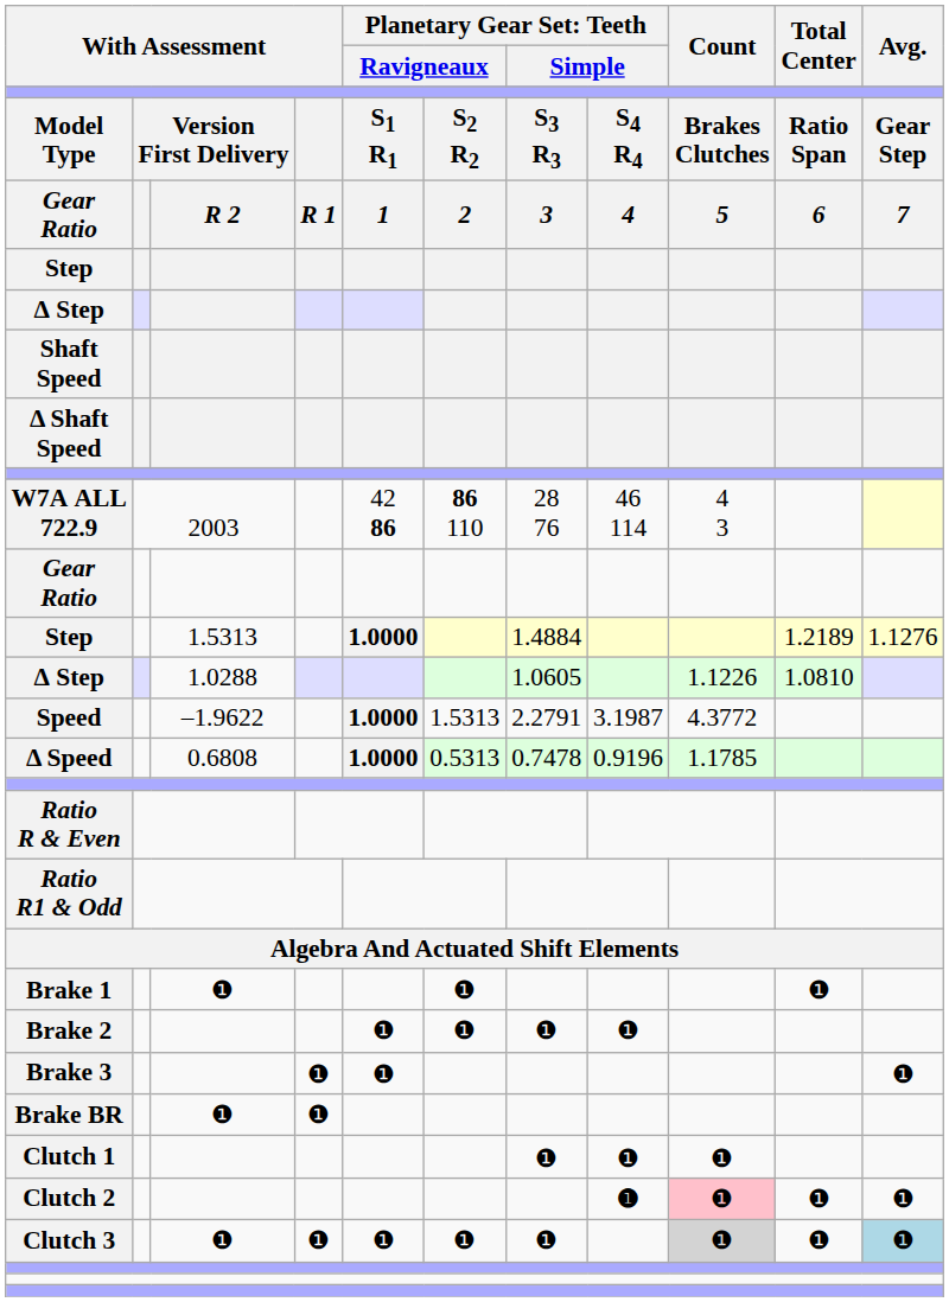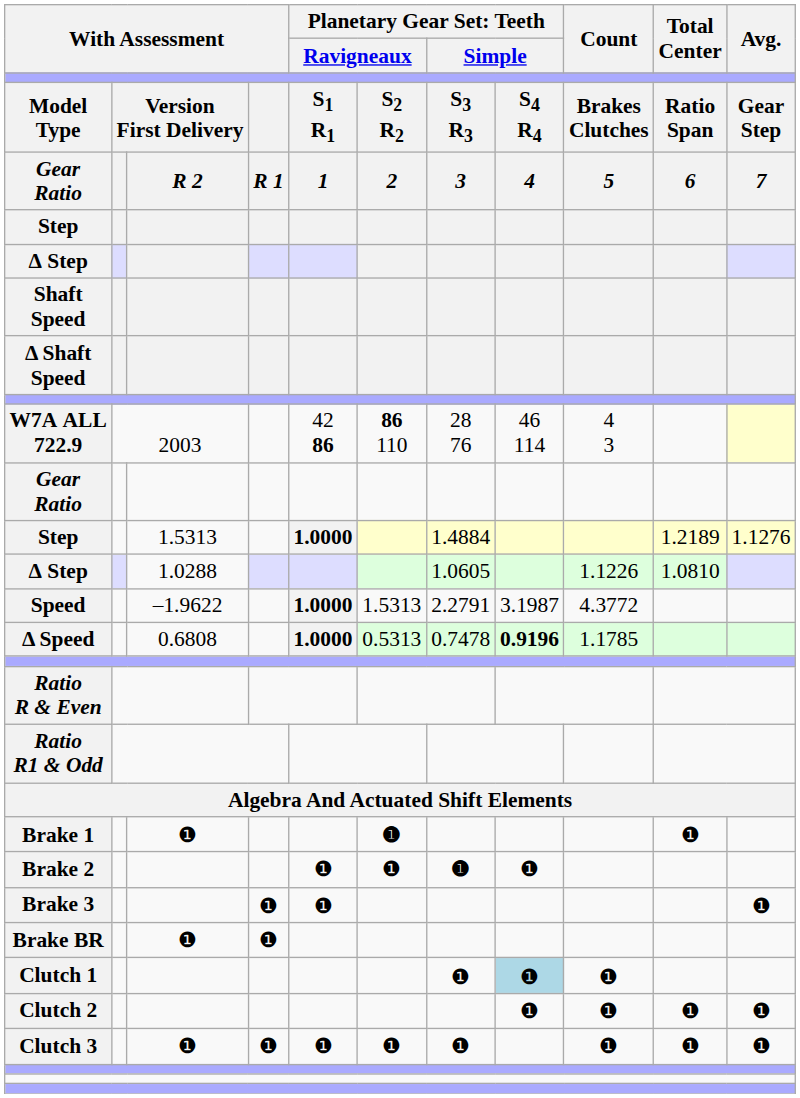 <table class="wikitable collapsible" style="text-align:center">
 <tr>
 <th rowspan=2 colspan=4>With Assessment</th>
 <th colspan=4>Planetary Gear Set: Teeth</th>
 <th rowspan=2>Count</th>
 <th rowspan=2>Total<br>Center</th>
 <th rowspan=2>Avg.</th>
 </tr>
 <tr>
 <th colspan=2><a href='#'>Ravigneaux</a></th>
 <th colspan=2><a href='#'>Simple</a></th>
 </tr>
 <tr>
 <td colspan=11 style="background:#AAF;"></td>
 </tr>
 <tr>
 <th>Model<br>Type</th>
 <th colspan=2>Version<br>First Delivery</th>
 <th></th>
 <th>S<sub>1</sub><br>R<sub>1</sub></th>
 <th>S<sub>2</sub><br>R<sub>2</sub></th>
 <th>S<sub>3</sub><br>R<sub>3</sub></th>
 <th>S<sub>4</sub><br>R<sub>4</sub></th>
 <th>Brakes<br>Clutches</th>
 <th>Ratio<br>Span</th>
 <th>Gear<br>Step</th>
 </tr>
 <tr style="font-style:italic;">
 <th>Gear<br>Ratio</th>
 <th><br></th>
 <th>R 2<br></th>
 <th>R 1<br></th>
 <th>1<br></th>
 <th>2<br></th>
 <th>3<br></th>
 <th>4<br></th>
 <th>5<br></th>
 <th>6<br></th>
 <th>7<br></th>
 </tr>
 <tr>
 <th>Step</th>
 <th></th>
 <th></th>
 <th></th>
 <th></th>
 <th></th>
 <th></th>
 <th></th>
 <th></th>
 <th></th>
 <th></th>
 </tr>
 <tr>
 <th>Δ Step</th>
 <th style="background:#DDF;"></th>
 <th></th>
 <th style="background:#DDF;"></th>
 <th style="background:#DDF;"></th>
 <th></th>
 <th></th>
 <th></th>
 <th></th>
 <th></th>
 <th style="background:#DDF;"></th>
 </tr>
 <tr>
 <th>Shaft<br>Speed</th>
 <th></th>
 <th></th>
 <th></th>
 <th></th>
 <th></th>
 <th></th>
 <th></th>
 <th></th>
 <th></th>
 <th></th>
 </tr>
 <tr>
 <th>Δ Shaft<br>Speed</th>
 <th></th>
 <th></th>
 <th></th>
 <th></th>
 <th></th>
 <th></th>
 <th></th>
 <th></th>
 <th></th>
 <th></th>
 </tr>
 <tr>
 <td colspan=11 style="background:#AAF;"></td>
 </tr>
 <tr>
 <th>W7A ALL<br>722.9</th>
 <td colspan=2><br>2003</td>
 <td></td>
 <td>42<br><strong>86</strong></td>
 <td><strong>86</strong><br>110</td>
 <td>28<br>76</td>
 <td>46<br>114</td>
 <td>4<br>3</td>
 <td><br></td>
 <td style="background:#FFC;"></td>
 </tr>
 <tr style="font-style:italic;">
 <th>Gear<br>Ratio</th>
 <td><br></td>
 <td><br></td>
 <td></td>
 <td><br></td>
 <td><br></td>
 <td><br></td>
 <td></td>
 <td></td>
 <td></td>
 <td></td>
 </tr>
 <tr>
 <th>Step</th>
 <td></td>
 <td>1.5313</td>
 <td></td>
 <th>1.0000</th>
 <td style="background:#FFC;"></td>
 <td style="background:#FFC;">1.4884</td>
 <td style="background:#FFC;"></td>
 <td style="background:#FFC;"></td>
 <td style="background:#FFC;">1.2189</td>
 <td style="background:#FFC;">1.1276</td>
 </tr>
 <tr>
 <th>Δ Step</th>
 <td style="background:#DDF;"></td>
 <td>1.0288</td>
 <td style="background:#DDF;"></td>
 <td style="background:#DDF;"></td>
 <td style="background:#DFD;"></td>
 <td style="background:#DFD;">1.0605</td>
 <td style="background:#DFD;"></td>
 <td style="background:#DFD;">1.1226</td>
 <td style="background:#DFD;">1.0810</td>
 <td style="background:#DDF;"></td>
 </tr>
 <tr>
 <th>Speed</th>
 <td></td>
 <td>–1.9622</td>
 <td></td>
 <th>1.0000</th>
 <td>1.5313</td>
 <td>2.2791</td>
 <td>3.1987</td>
 <td>4.3772</td>
 <td></td>
 <td></td>
 </tr>
 <tr>
 <th>Δ Speed</th>
 <td></td>
 <td>0.6808</td>
 <td></td>
 <th>1.0000</th>
 <td style="background:#DFD;">0.5313</td>
 <td style="background:#DFD;">0.7478</td>
-<td style="background:#DFD;">0.9196</td>
+<td style="background:#DFD;"><strong>0.9196</strong></td>
 <td style="background:#DFD;">1.1785</td>
 <td style="background:#DFD;"></td>
 <td style="background:#DFD;"></td>
 </tr>
 <tr>
 <td colspan=11 style="background:#AAF;"></td>
 </tr>
 <tr>
 <th><em>Ratio</em><br><em>R & Even</em></th>
 <td colspan=2></td>
 <td colspan=2></td>
 <td colspan=2></td>
 <td colspan=2></td>
 <td colspan=2></td>
 </tr>
 <tr>
 <th><em>Ratio</em><br><em>R1 & Odd</em></th>
 <td colspan=3></td>
 <td colspan=2></td>
 <td colspan=2></td>
 <td></td>
 <td colspan=2></td>
 </tr>
 <tr>
 <th colspan=11>Algebra And Actuated Shift Elements</th>
 </tr>
 <tr>
 <th>Brake 1</th>
 <td></td>
 <td>❶</td>
 <td></td>
 <td></td>
-<td>❶</td>
+<td><strong>❶</strong></td>
 <td></td>
 <td></td>
 <td></td>
 <td>❶</td>
 <td></td>
 </tr>
 <tr>
 <th>Brake 2</th>
 <td></td>
 <td></td>
 <td></td>
 <td>❶</td>
 <td>❶</td>
-<td>❶</td>
+<td><strong>❶</strong></td>
 <td>❶</td>
 <td></td>
 <td></td>
 <td></td>
 </tr>
 <tr>
 <th>Brake 3</th>
 <td></td>
 <td></td>
 <td>❶</td>
 <td>❶</td>
 <td></td>
 <td></td>
 <td></td>
 <td></td>
 <td></td>
 <td>❶</td>
 </tr>
 <tr>
 <th>Brake BR</th>
 <td></td>
 <td>❶</td>
 <td>❶</td>
 <td></td>
 <td></td>
 <td></td>
 <td></td>
 <td></td>
 <td></td>
 <td></td>
 </tr>
 <tr>
 <th>Clutch 1</th>
 <td></td>
 <td></td>
 <td></td>
 <td></td>
 <td></td>
 <td>❶</td>
-<td>❶</td>
+<td style="background: lightblue;">❶</td>
 <td>❶</td>
 <td></td>
 <td></td>
 </tr>
 <tr>
 <th>Clutch 2</th>
 <td></td>
 <td></td>
 <td></td>
 <td></td>
 <td></td>
 <td></td>
-<td><strong>❶</strong></td>
-<td style="background: pink;">❶</td>
+<td>❶</td>
+<td>❶</td>
 <td>❶</td>
 <td>❶</td>
 </tr>
 <tr>
 <th>Clutch 3</th>
 <td></td>
 <td>❶</td>
 <td>❶</td>
 <td>❶</td>
 <td>❶</td>
 <td>❶</td>
 <td></td>
-<td style="background: lightgrey;">❶</td>
 <td>❶</td>
-<td style="background: lightblue;">❶</td>
+<td>❶</td>
+<td>❶</td>
 </tr>
 <tr>
 <td colspan=11 style="background:#AAF;"></td>
 </tr>
 <tr>
 <td colspan=11></td>
 </tr>
 <tr>
 <td colspan=11 style="background:#AAF;"></td>
 </tr>
 </table>
